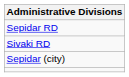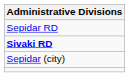 <table class="wikitable">
 <tr>
 <th>Administrative Divisions</th>
 </tr>
 <tr>
 <td><a href='#'>Sepidar RD</a></td>
 </tr>
 <tr>
-<td><a href='#'>Sivaki RD</a></td>
+<td><strong><a href='#'>Sivaki RD</a></strong></td>
 </tr>
 <tr>
 <td><a href='#'>Sepidar</a> (city)</td>
 </tr>
 <tr>
 <td colspan=1></td>
 </tr>
 </table>
